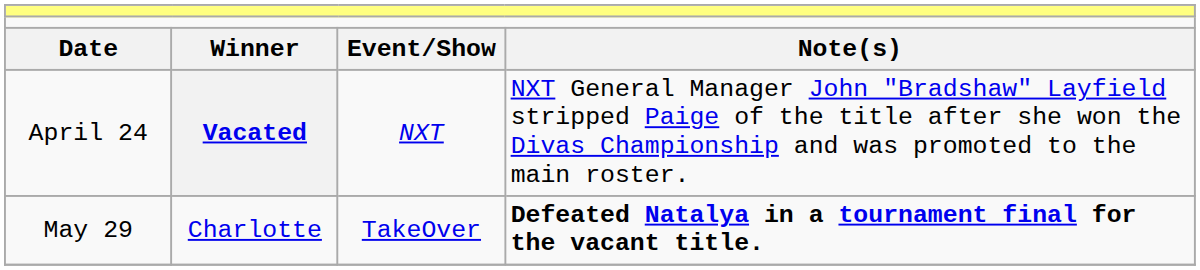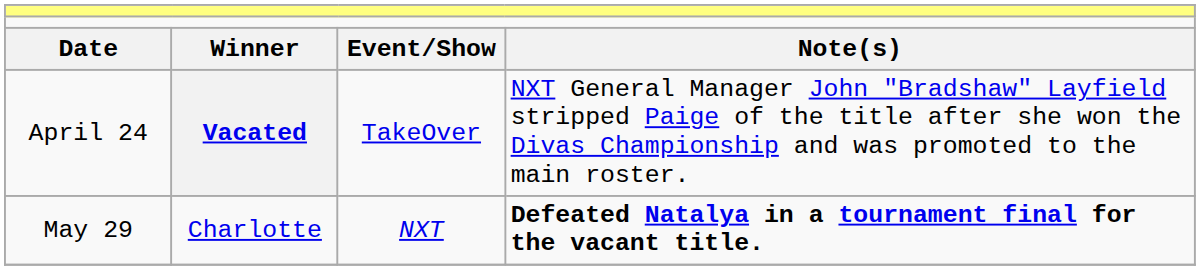 <table class="wikitable" style="text-align:center; width:100%;">
 <tr style="background:#FFFF80;">
 <td colspan="5"></td>
 </tr>
 <tr>
 <td colspan="5"><strong></strong></td>
 </tr>
 <tr>
 <th width=14%>Date</th>
 <th width=14%>Winner</th>
 <th width=14%>Event/Show</th>
 <th width=58%>Note(s)</th>
 </tr>
 <tr>
 <td>April 24</td>
 <th><a href='#'>Vacated</a></th>
-<td><em><a href='#'>NXT</a></em></td>
+<td><a href='#'>TakeOver</a></td>
 <td align=left><a href='#'>NXT</a> General Manager <a href='#'>John "Bradshaw" Layfield</a> stripped <a href='#'>Paige</a> of the title after she won the <a href='#'>Divas Championship</a> and was promoted to the main roster.</td>
 </tr>
 <tr>
 <td>May 29</td>
 <td><a href='#'>Charlotte</a></td>
-<td><a href='#'>TakeOver</a></td>
+<td><em><a href='#'>NXT</a></em></td>
 <td align=left><strong>Defeated <a href='#'>Natalya</a> in a <a href='#'>tournament final</a> for the vacant title.</strong></td>
 </tr>
 <tr>
 </tr>
 </table>
